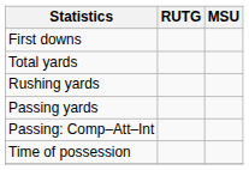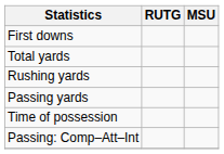 <table class="wikitable" style="float: left;">
 <tr>
 <th>Statistics</th>
 <th>RUTG</th>
 <th>MSU</th>
 </tr>
 <tr>
 <td>First downs</td>
 <td></td>
 <td></td>
 </tr>
 <tr>
 <td>Total yards</td>
 <td></td>
 <td></td>
 </tr>
 <tr>
 <td>Rushing yards</td>
 <td></td>
 <td></td>
 </tr>
 <tr>
 <td>Passing yards</td>
 <td></td>
 <td></td>
 </tr>
 <tr>
-<td>Passing: Comp–Att–Int</td>
+<td>Time of possession</td>
 <td></td>
 <td></td>
 </tr>
 <tr>
-<td>Time of possession</td>
+<td>Passing: Comp–Att–Int</td>
 <td></td>
 <td></td>
 </tr>
 <tr>
 </tr>
 </table>
